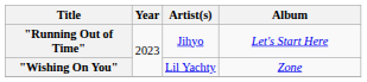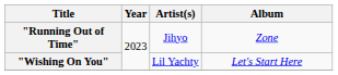 <table class="wikitable plainrowheaders" style="text-align:center;">
 <tr>
 <th scope="col" style="width:160px;">Title</th>
 <th scope="col">Year</th>
 <th scope="col">Artist(s)</th>
 <th scope="col" style="width:180px;">Album</th>
 </tr>
 <tr>
 <th scope="row">"Running Out of Time"</th>
 <td rowspan="2">2023</td>
 <td><a href='#'>Jihyo</a></td>
-<td><em><a href='#'>Let's Start Here</a></em></td>
+<td><em><a href='#'>Zone</a></em></td>
 </tr>
 <tr>
 <th scope="row">"Wishing On You"</th>
 <td><a href='#'>Lil Yachty</a></td>
-<td><em><a href='#'>Zone</a></em></td>
+<td><em><a href='#'>Let's Start Here</a></em></td>
 </tr>
 <tr>
 </tr>
 </table>
